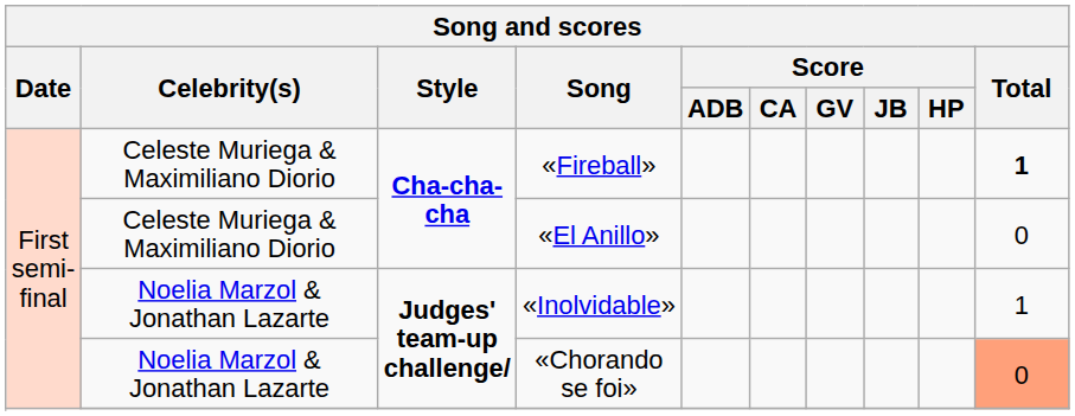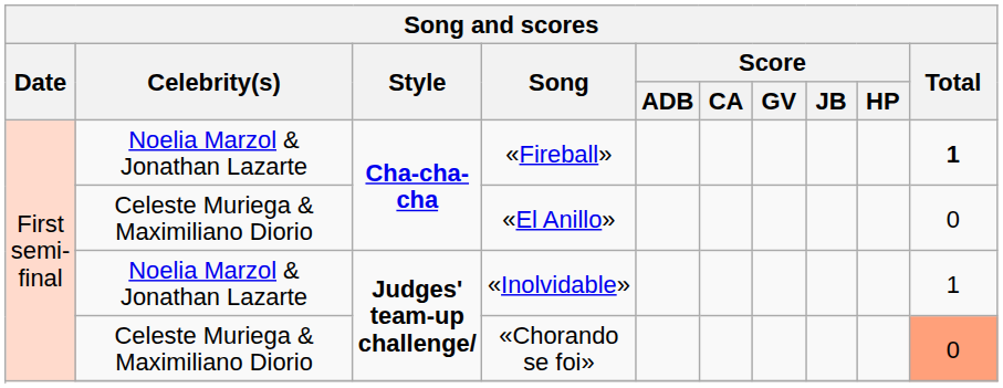 <table class="wikitable collapsible collapsed" style="font-size:95%; text-align: center; width: 100%;">
 <tr>
 <th colspan="11" style="with: 100%;" align=center>Song and scores</th>
 </tr>
 <tr>
 <th rowspan="2">Date</th>
 <th rowspan="2" width="240">Celebrity(s)</th>
 <th rowspan="2">Style</th>
 <th rowspan="2">Song</th>
 <th colspan="5">Score</th>
 <th rowspan="2" width="60">Total</th>
 </tr>
 <tr>
 <th width=30>ADB</th>
 <th width=30>CA</th>
 <th width=30>GV</th>
 <th width=30>JB</th>
 <th width=30>HP</th>
 </tr>
 <tr>
 <td rowspan="8" style=" background:#ffdacc">First semi-final<br></td>
-<td>Celeste Muriega & Maximiliano Diorio</td>
+<td><a href='#'>Noelia Marzol</a> & Jonathan Lazarte</td>
 <td rowspan="2"><strong><a href='#'>Cha-cha-cha</a></strong></td>
 <td>«<a href='#'>Fireball</a>» </td>
 <td></td>
 <td></td>
 <td></td>
 <td></td>
 <td></td>
 <td><strong>1</strong></td>
 </tr>
 <tr>
 <td>Celeste Muriega & Maximiliano Diorio</td>
 <td>«<a href='#'>El Anillo</a>» </td>
 <td></td>
 <td></td>
 <td></td>
 <td></td>
 <td></td>
 <td>0</td>
 </tr>
 <tr>
 <td><a href='#'>Noelia Marzol</a> & Jonathan Lazarte</td>
 <td rowspan="2"><strong>Judges' team-up challenge/</strong></td>
 <td>«<a href='#'>Inolvidable</a>» </td>
 <td></td>
 <td></td>
 <td></td>
 <td></td>
 <td></td>
 <td>1</td>
 </tr>
 <tr>
-<td><a href='#'>Noelia Marzol</a> & Jonathan Lazarte</td>
+<td>Celeste Muriega & Maximiliano Diorio</td>
 <td>«Chorando se foi» </td>
 <td></td>
 <td></td>
 <td></td>
 <td></td>
 <td></td>
 <td style="background: lightsalmon;">0</td>
 </tr>
 <tr>
 </tr>
 </table>
